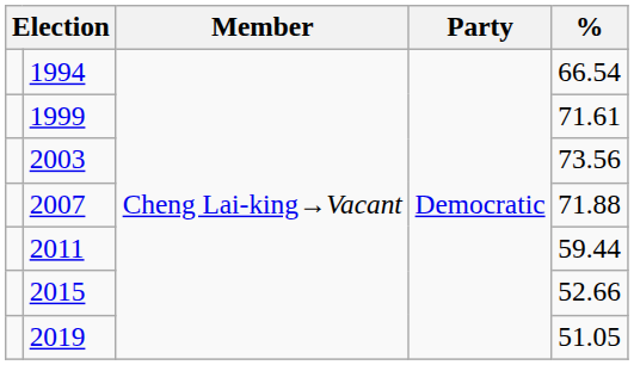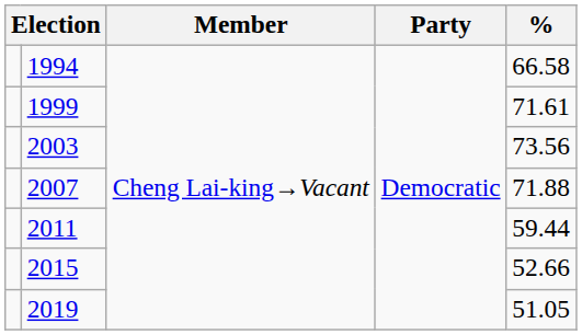 <table class="wikitable">
 <tr>
 <th colspan="2">Election</th>
 <th>Member</th>
 <th>Party</th>
 <th>%</th>
 </tr>
 <tr>
 <td style="background-color: "></td>
 <td><a href='#'>1994</a></td>
 <td rowspan=7><a href='#'>Cheng Lai-king</a>→<em>Vacant</em></td>
 <td rowspan=7><a href='#'>Democratic</a></td>
-<td>66.54</td>
+<td>66.58</td>
 </tr>
 <tr>
 <td style="background-color: "></td>
 <td><a href='#'>1999</a></td>
 <td>71.61</td>
 </tr>
 <tr>
 <td style="background-color: "></td>
 <td><a href='#'>2003</a></td>
 <td>73.56</td>
 </tr>
 <tr>
 <td style="background-color: "></td>
 <td><a href='#'>2007</a></td>
 <td>71.88</td>
 </tr>
 <tr>
 <td style="background-color: "></td>
 <td><a href='#'>2011</a></td>
 <td>59.44</td>
 </tr>
 <tr>
 <td style="background-color: "></td>
 <td><a href='#'>2015</a></td>
 <td>52.66</td>
 </tr>
 <tr>
 <td style="background-color: "></td>
 <td><a href='#'>2019</a></td>
 <td>51.05</td>
 </tr>
 </table>
